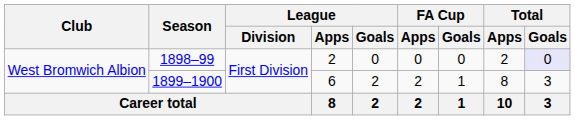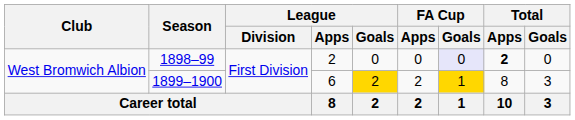 <table class="wikitable" style="text-align: center;">
 <tr>
 <th rowspan="2">Club</th>
 <th rowspan="2">Season</th>
 <th colspan="3">League</th>
 <th colspan="2">FA Cup</th>
 <th colspan="2">Total</th>
 </tr>
 <tr>
 <th>Division</th>
 <th>Apps</th>
 <th>Goals</th>
 <th>Apps</th>
 <th>Goals</th>
 <th>Apps</th>
 <th>Goals</th>
 </tr>
 <tr>
 <td rowspan="2"><a href='#'>West Bromwich Albion</a></td>
 <td><a href='#'>1898–99</a></td>
 <td rowspan="2"><a href='#'>First Division</a></td>
 <td>2</td>
 <td>0</td>
 <td>0</td>
+<td style="background: lavender;">0</td>
+<td><strong>2</strong></td>
 <td>0</td>
-<td>2</td>
-<td style="background: lavender;">0</td>
 </tr>
 <tr>
 <td><a href='#'>1899–1900</a></td>
 <td>6</td>
+<td style="background: gold;">2</td>
 <td>2</td>
-<td>2</td>
-<td>1</td>
+<td style="background: gold;">1</td>
 <td>8</td>
 <td>3</td>
 </tr>
 <tr>
 <th colspan="3">Career total</th>
 <th>8</th>
 <th>2</th>
 <th>2</th>
 <th>1</th>
 <th>10</th>
 <th>3</th>
 </tr>
 </table>
